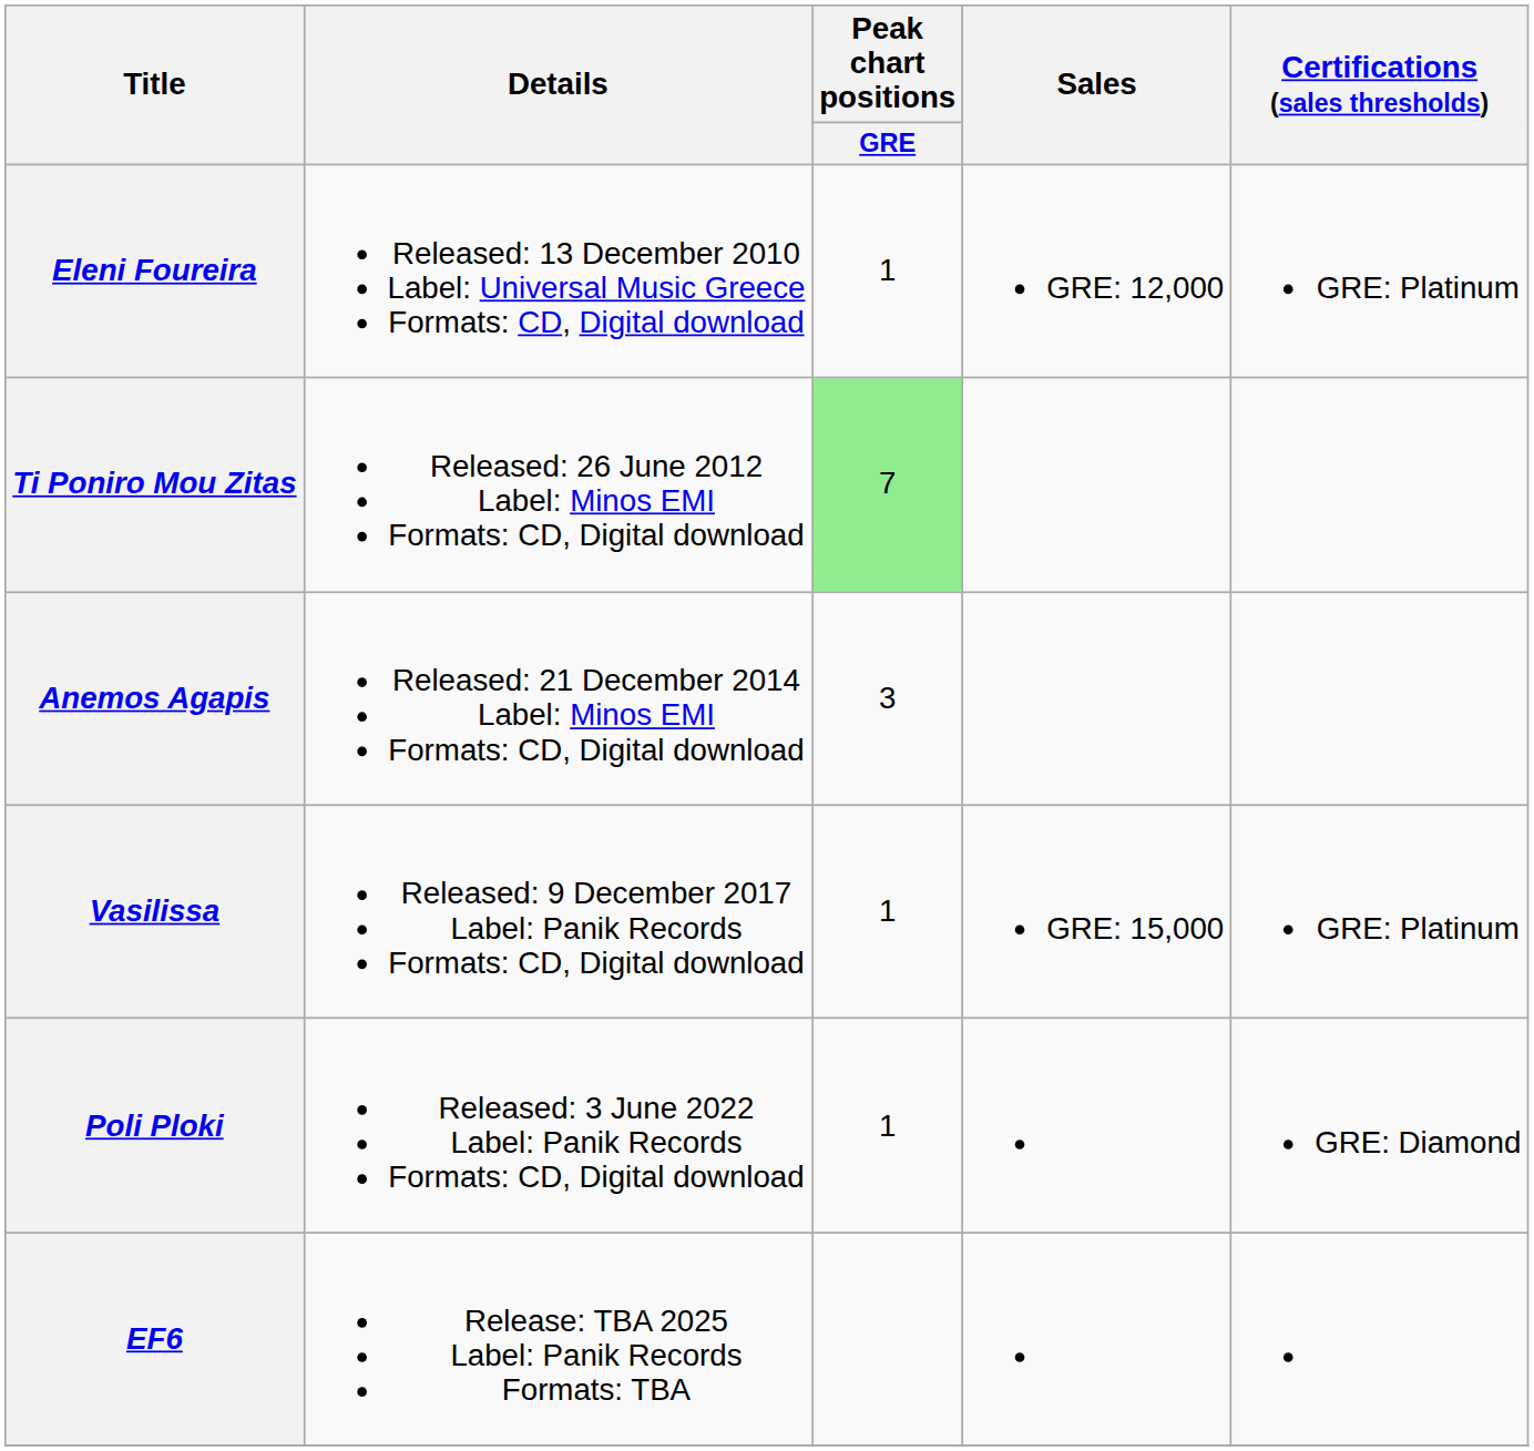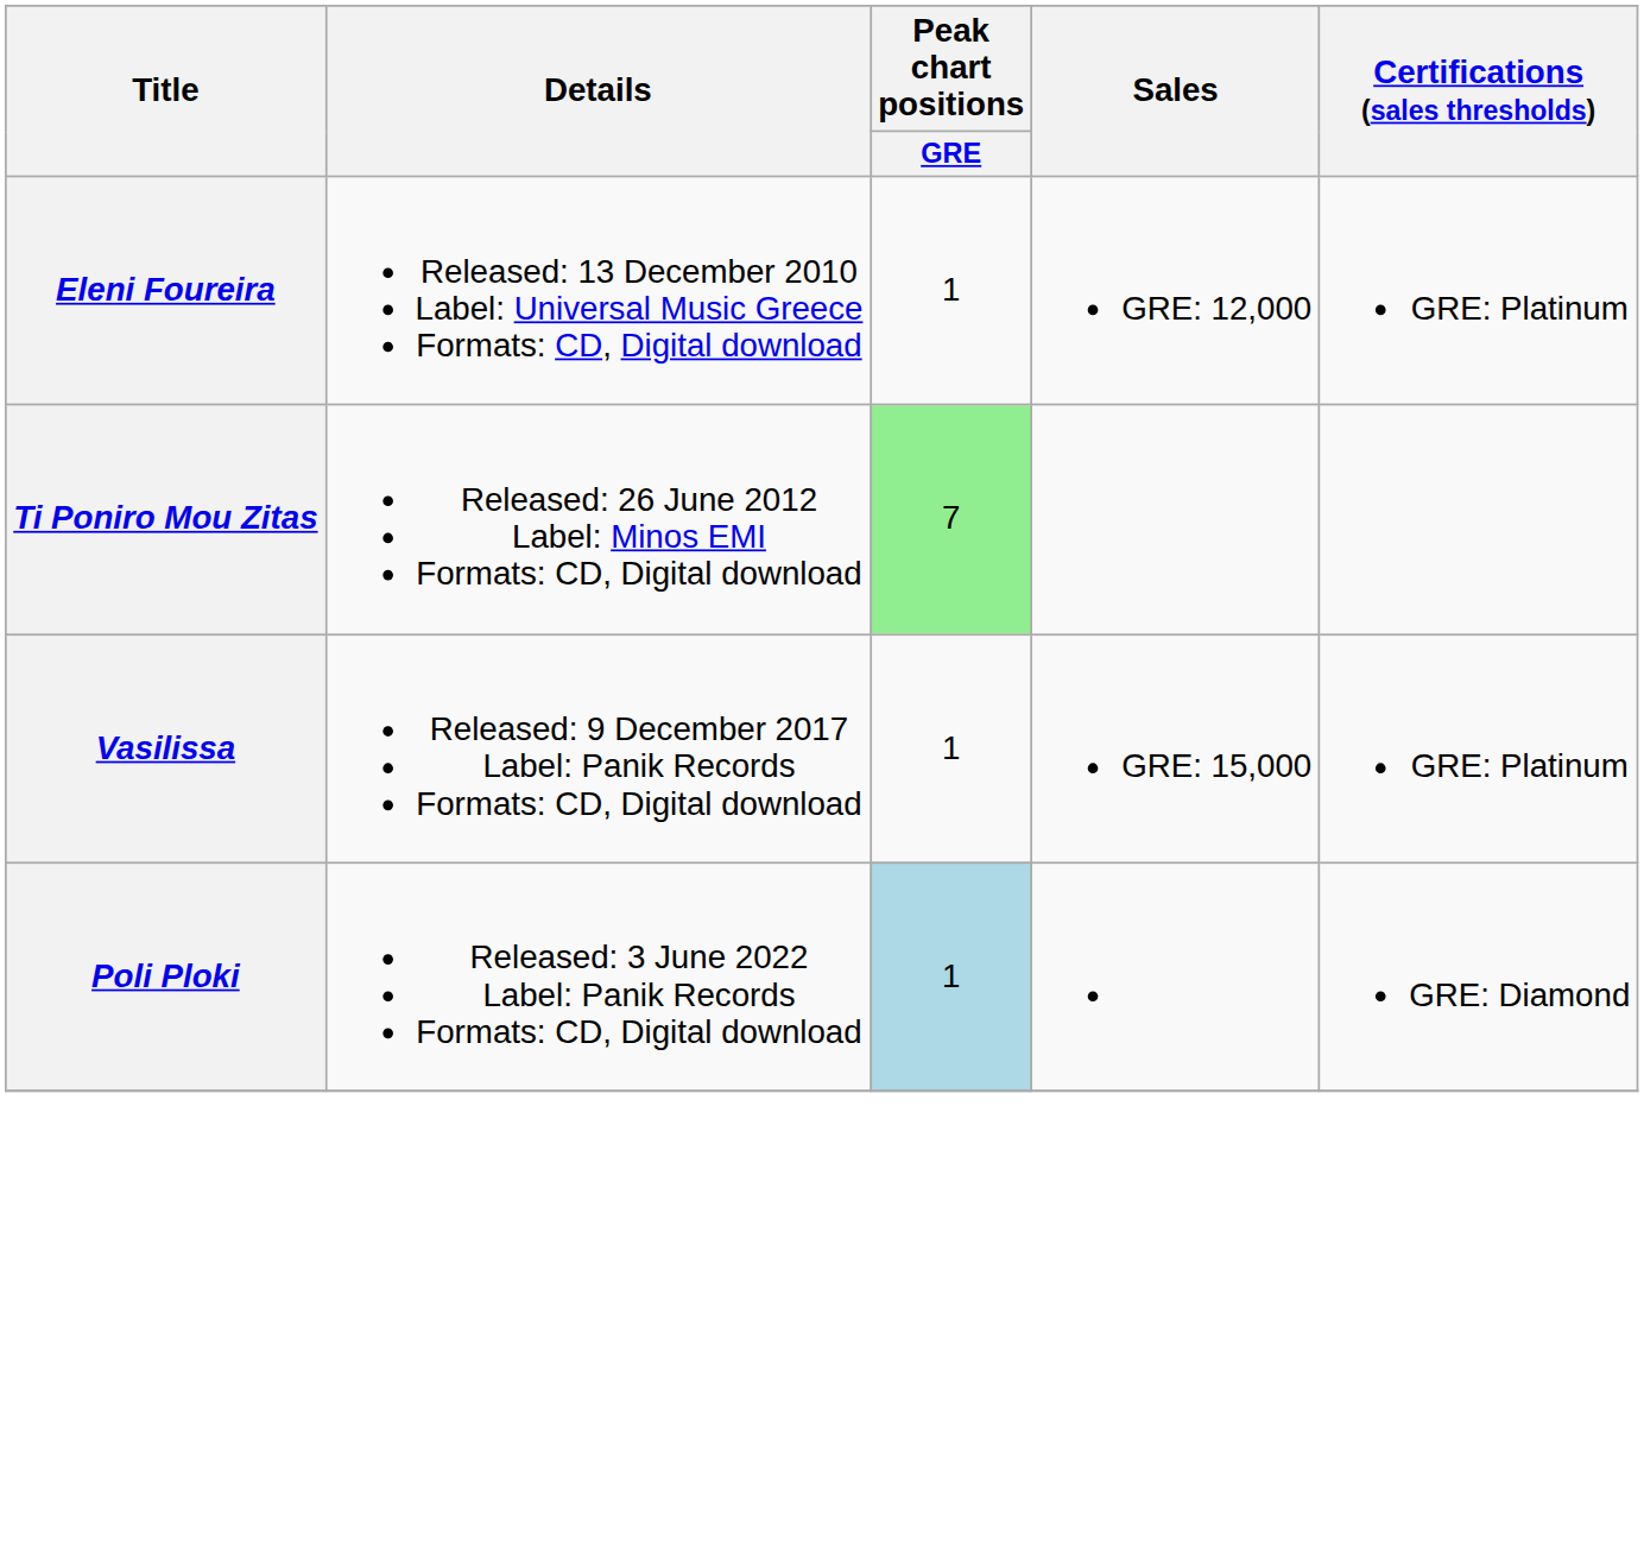 <table class="wikitable plainrowheaders" style="text-align:center;">
 <tr>
 <th scope="col" rowspan="2">Title</th>
 <th scope="col" rowspan="2">Details</th>
 <th scope="col" colspan="1">Peak chart positions</th>
 <th rowspan="2">Sales</th>
 <th rowspan="2"><a href='#'>Certifications</a><br><small>(<a href='#'>sales thresholds</a>)</small></th>
 </tr>
 <tr>
 <th scope="col" style="width:3em;font-size:85%;"><a href='#'>GRE</a><br></th>
 </tr>
 <tr>
 <th scope="row"><em><a href='#'>Eleni Foureira</a></em></th>
 <td><br><ul><li>Released: 13 December 2010</li><li>Label: <a href='#'>Universal Music Greece</a></li><li>Formats: <a href='#'>CD</a>, <a href='#'>Digital download</a></li></ul></td>
 <td>1</td>
 <td style="align:left"><br><ul><li>GRE: 12,000</li></ul></td>
 <td style="align:left"><br><ul><li>GRE: Platinum</li></ul></td>
 </tr>
 <tr>
 <th scope="row"><em><a href='#'>Ti Poniro Mou Zitas</a></em></th>
 <td><br><ul><li>Released: 26 June 2012</li><li>Label: <a href='#'>Minos EMI</a></li><li>Formats: CD, Digital download</li></ul></td>
 <td style="background: lightgreen;">7</td>
 <td style="align:left"></td>
 <td style="align:left"></td>
 </tr>
 <tr>
-<th scope="row"><em><a href='#'>Anemos Agapis</a></em></th>
-<td><br><ul><li>Released: 21 December 2014</li><li>Label: <a href='#'>Minos EMI</a></li><li>Formats: CD, Digital download</li></ul></td>
-<td>3</td>
-<td style="align:left"></td>
-<td style="align:left"></td>
-</tr>
-<tr>
 <th scope="row"><em><a href='#'>Vasilissa</a></em></th>
 <td><br><ul><li>Released: 9 December 2017</li><li>Label: Panik Records</li><li>Formats: CD, Digital download</li></ul></td>
 <td>1</td>
 <td style="align:left"><br><ul><li>GRE: 15,000</li></ul></td>
 <td style="align:left"><br><ul><li>GRE: Platinum</li></ul></td>
 </tr>
 <tr>
 <th scope="row"><em><a href='#'>Poli Ploki</a></em></th>
 <td><br><ul><li>Released: 3 June 2022</li><li>Label: Panik Records</li><li>Formats: CD, Digital download</li></ul></td>
-<td>1</td>
+<td style="background: lightblue;">1</td>
 <td style="align:left"><br><ul><li></li></ul></td>
 <td style="align:left"><br><ul><li>GRE: Diamond</li></ul></td>
 </tr>
 <tr>
-<th scope="row"><em><a href='#'>EF6</a></em></th>
-<td><br><ul><li>Release: TBA 2025</li><li>Label: Panik Records</li><li>Formats: TBA</li></ul></td>
-<td></td>
-<td style="align:left"><br><ul><li></li></ul></td>
-<td style="align:left"><br><ul><li></li></ul></td>
-</tr>
-<tr>
 </tr>
 </table>
